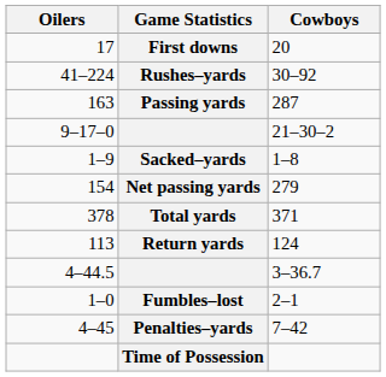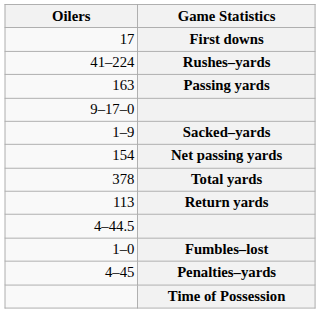 <table class="wikitable" style="margin: 1em auto 1em auto">
 <tr>
 <th style="width:30%;">Oilers</th>
 <th style="width:40%;">Game Statistics</th>
-<th style="width:30%;">Cowboys</th>
 </tr>
 <tr>
 <td style="text-align:right;">17</td>
 <th>First downs</th>
-<td>20</td>
 </tr>
 <tr>
 <td style="text-align:right;">41–224</td>
 <th>Rushes–yards</th>
-<td>30–92</td>
 </tr>
 <tr>
 <td style="text-align:right;">163</td>
 <th>Passing yards</th>
-<td>287</td>
 </tr>
 <tr>
 <td style="text-align:right;">9–17–0</td>
 <th></th>
-<td>21–30–2</td>
 </tr>
 <tr>
 <td style="text-align:right;">1–9</td>
 <th>Sacked–yards</th>
-<td>1–8</td>
 </tr>
 <tr>
 <td style="text-align:right;">154</td>
 <th>Net passing yards</th>
-<td>279</td>
 </tr>
 <tr>
 <td style="text-align:right;">378</td>
 <th>Total yards</th>
-<td>371</td>
 </tr>
 <tr>
 <td style="text-align:right;">113</td>
 <th>Return yards</th>
-<td>124</td>
 </tr>
 <tr>
 <td style="text-align:right;">4–44.5</td>
 <th></th>
-<td>3–36.7</td>
 </tr>
 <tr>
 <td style="text-align:right;">1–0</td>
 <th>Fumbles–lost</th>
-<td>2–1</td>
 </tr>
 <tr>
 <td style="text-align:right;">4–45</td>
 <th>Penalties–yards</th>
-<td>7–42</td>
 </tr>
 <tr>
 <td style="text-align:right;"></td>
 <th>Time of Possession</th>
-<td></td>
 </tr>
 </table>
